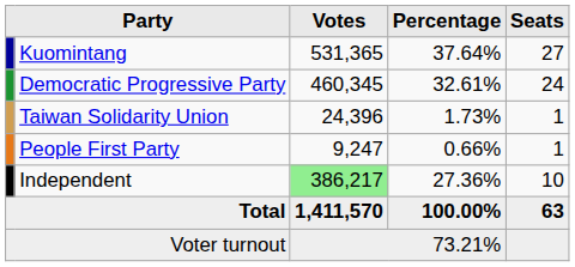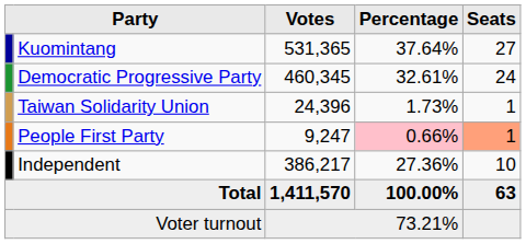 <table class="wikitable">
 <tr>
 <th style="background-color:#E9E9E9" colspan=2 style="width: 20em">Party</th>
 <th style="background-color:#E9E9E9" style="width: 7em">Votes</th>
 <th style="background-color:#E9E9E9" style="width: 7em">Percentage</th>
 <th style="background-color:#E9E9E9" style="width: 7em">Seats</th>
 </tr>
 <tr>
 <td bgcolor="#000099"></td>
 <td align=left><a href='#'>Kuomintang</a></td>
 <td align=right>531,365</td>
 <td align=right>37.64%</td>
 <td align=right>27</td>
 </tr>
 <tr>
 <td bgcolor="#1B9431"></td>
 <td align=left><a href='#'>Democratic Progressive Party</a></td>
 <td align=right>460,345</td>
 <td align=right>32.61%</td>
 <td align=right>24</td>
 </tr>
 <tr>
 <td bgcolor="#d09e51"></td>
 <td align=left><a href='#'>Taiwan Solidarity Union</a></td>
 <td align=right>24,396</td>
 <td align=right>1.73%</td>
 <td align=right>1</td>
 </tr>
 <tr>
 <td bgcolor="#e77918"></td>
 <td align=left><a href='#'>People First Party</a></td>
 <td align=right>9,247</td>
-<td align=right>0.66%</td>
-<td align=right>1</td>
+<td align=right style="background: pink;">0.66%</td>
+<td align=right style="background: lightsalmon;">1</td>
 </tr>
 <tr>
 <td bgcolor="#000000"></td>
 <td align=left>Independent</td>
-<td align=right style="background: lightgreen;">386,217</td>
+<td align=right>386,217</td>
 <td align=right>27.36%</td>
 <td align=right>10</td>
 </tr>
 <tr bgcolor="#EEEEEE">
 <td colspan="2" align="right"><strong>Total</strong></td>
 <td align=right><strong>1,411,570</strong></td>
 <td align=right><strong>100.00%</strong></td>
 <td align=right><strong>63</strong></td>
 </tr>
 <tr bgcolor="#EEEEEE">
 <td colspan="2" align="right">Voter turnout</td>
 <td colspan="2" align="right">73.21%</td>
 <td></td>
 </tr>
 </table>
